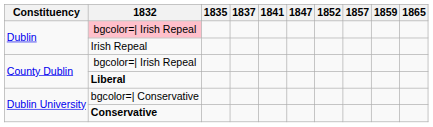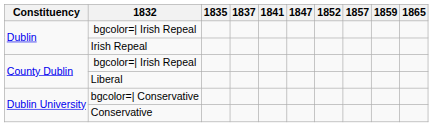 <table class=wikitable sortable>
 <tr>
 <th>Constituency</th>
 <th>1832</th>
 <th>1835</th>
 <th>1837</th>
 <th>1841</th>
 <th>1847</th>
 <th>1852</th>
 <th>1857</th>
 <th>1859</th>
 <th>1865</th>
 </tr>
 <tr>
 <td rowspan=2><a href='#'>Dublin</a></td>
-<td align=center style="background: pink;">bgcolor=| Irish Repeal</td>
+<td align=center>bgcolor=| Irish Repeal</td>
 <td></td>
 <td></td>
 <td></td>
 <td></td>
 <td></td>
 <td></td>
 <td></td>
 <td></td>
 </tr>
 <tr>
 <td bgcolor=>Irish Repeal</td>
 <td></td>
 <td></td>
 <td></td>
 <td></td>
 <td></td>
 <td></td>
 <td></td>
 <td></td>
 </tr>
 <tr>
 <td rowspan=2><a href='#'>County Dublin</a></td>
 <td align=center>bgcolor=| Irish Repeal</td>
 <td></td>
 <td></td>
 <td></td>
 <td></td>
 <td></td>
 <td></td>
 <td></td>
 <td></td>
 </tr>
 <tr>
-<td bgcolor=><strong>Liberal</strong></td>
+<td bgcolor=>Liberal</td>
 <td></td>
 <td></td>
 <td></td>
 <td></td>
 <td></td>
 <td></td>
 <td></td>
 <td></td>
 </tr>
 <tr>
 <td rowspan=2><a href='#'>Dublin University</a></td>
 <td align=center>bgcolor=| Conservative</td>
 <td></td>
 <td></td>
 <td></td>
 <td></td>
 <td></td>
 <td></td>
 <td></td>
 <td></td>
 </tr>
 <tr>
-<td bgcolor=><strong>Conservative</strong></td>
+<td bgcolor=>Conservative</td>
 <td></td>
 <td></td>
 <td></td>
 <td></td>
 <td></td>
 <td></td>
 <td></td>
 <td></td>
 </tr>
 </table>
